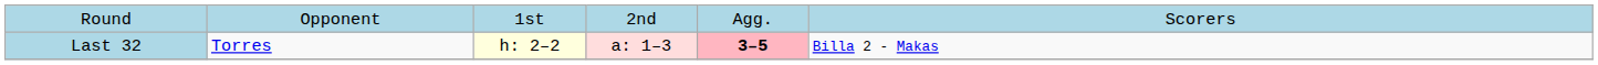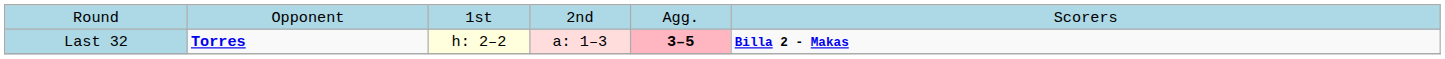 <table class="wikitable" style="text-align:center">
 <tr bgcolor=lightblue>
 <td width=150px>Round</td>
 <td width=200px>Opponent</td>
 <td width=80px>1st</td>
 <td width=80px>2nd</td>
 <td width=80px>Agg.</td>
 <td width=600px>Scorers</td>
 </tr>
 <tr>
 <td bgcolor=lightblue>Last 32</td>
-<td align=left> <a href='#'>Torres</a></td>
+<td align=left><strong> <a href='#'>Torres</a></strong></td>
 <td bgcolor="#ffffdd">h: 2–2</td>
 <td bgcolor="#ffdddd">a: 1–3</td>
 <td bgcolor=lightpink><strong>3–5</strong></td>
-<td align=left><small><a href='#'>Billa</a> 2 - <a href='#'>Makas</a></small></td>
+<td align=left><strong><small><a href='#'>Billa</a> 2 - <a href='#'>Makas</a></small></strong></td>
 </tr>
 <tr>
 </tr>
 </table>
